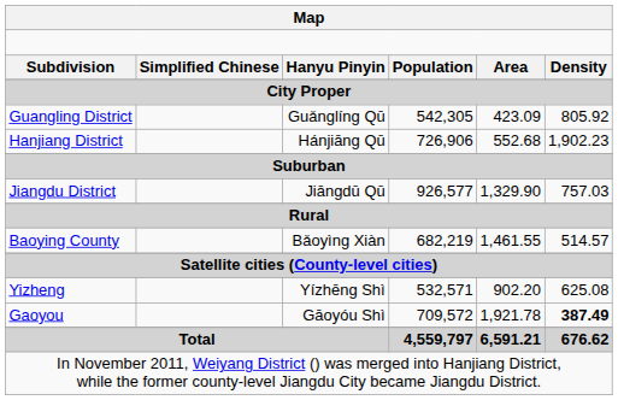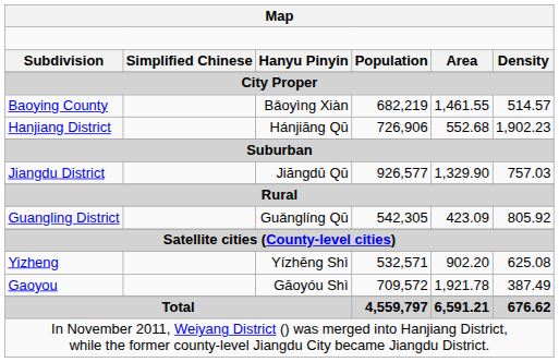 <table class="wikitable">
 <tr>
 <th colspan="6">Map</th>
 </tr>
 <tr>
 <td colspan="6"><div><br>          </div></td>
 </tr>
 <tr>
 <th align=left>Subdivision</th>
 <th align=left>Simplified Chinese</th>
 <th align=left>Hanyu Pinyin</th>
 <th align=left>Population </th>
 <th align=left>Area </th>
 <th align=left>Density </th>
 </tr>
 <tr>
 </tr>
 <tr style="background:#d3d3d3;">
 <td colspan="6"  style="text-align:center; "><strong>City Proper</strong></td>
 </tr>
 <tr>
-<td align=left><a href='#'>Guangling District</a></td>
+<td align=left><a href='#'>Baoying County</a></td>
 <td align=left></td>
-<td align=right>Guǎnglíng Qū</td>
-<td align=right>542,305</td>
-<td align=right>423.09</td>
-<td align=right>805.92</td>
+<td align=right>Bǎoyìng Xiàn</td>
+<td align=right>682,219</td>
+<td align=right>1,461.55</td>
+<td align=right>514.57</td>
 </tr>
 <tr>
 <td align=left><a href='#'>Hanjiang District</a></td>
 <td align=left></td>
 <td align=right>Hánjiāng Qū</td>
 <td align=right>726,906</td>
 <td align=right>552.68</td>
 <td align=right>1,902.23</td>
 </tr>
 <tr>
 </tr>
 <tr style="background:#d3d3d3;">
 <td colspan="6"  style="text-align:center; "><strong>Suburban</strong></td>
 </tr>
 <tr>
 <td align=left><a href='#'>Jiangdu District</a></td>
 <td align=left></td>
 <td align=right>Jiāngdū Qū</td>
 <td align=right>926,577</td>
 <td align=right>1,329.90</td>
 <td align=right>757.03</td>
 </tr>
 <tr>
 </tr>
 <tr style="background:#d3d3d3;">
 <td colspan="6"  style="text-align:center; "><strong>Rural</strong></td>
 </tr>
 <tr>
-<td align=left><a href='#'>Baoying County</a></td>
+<td align=left><a href='#'>Guangling District</a></td>
 <td align=left></td>
-<td align=right>Bǎoyìng Xiàn</td>
-<td align=right>682,219</td>
-<td align=right>1,461.55</td>
-<td align=right>514.57</td>
+<td align=right>Guǎnglíng Qū</td>
+<td align=right>542,305</td>
+<td align=right>423.09</td>
+<td align=right>805.92</td>
 </tr>
 <tr>
 </tr>
 <tr style="background:#d3d3d3;">
 <td colspan="6"  style="text-align:center; "><strong>Satellite cities (<a href='#'>County-level cities</a>)</strong></td>
 </tr>
 <tr>
 <td align=left><a href='#'>Yizheng</a></td>
 <td align=left></td>
 <td align=right>Yízhēng Shì</td>
 <td align=right>532,571</td>
 <td align=right>902.20</td>
 <td align=right>625.08</td>
 </tr>
 <tr>
 <td align=left><a href='#'>Gaoyou</a></td>
 <td align=left></td>
 <td align=right>Gāoyóu Shì</td>
 <td align=right>709,572</td>
 <td align=right>1,921.78</td>
-<td align=right><strong>387.49</strong></td>
+<td align=right>387.49</td>
 </tr>
 <tr>
 </tr>
 <tr style="background:#d3d3d3;">
 <td colspan=3 style="text-align:center; "><strong>Total</strong></td>
 <td align=right><strong>4,559,797</strong></td>
 <td align=right><strong>6,591.21</strong></td>
 <td align=right><strong>676.62</strong></td>
 </tr>
 <tr>
 <td colspan=6 style="text-align:center; ">In November 2011, <a href='#'>Weiyang District</a> () was merged into Hanjiang District,<br>while the former county-level Jiangdu City became Jiangdu District.</td>
 </tr>
 </table>
